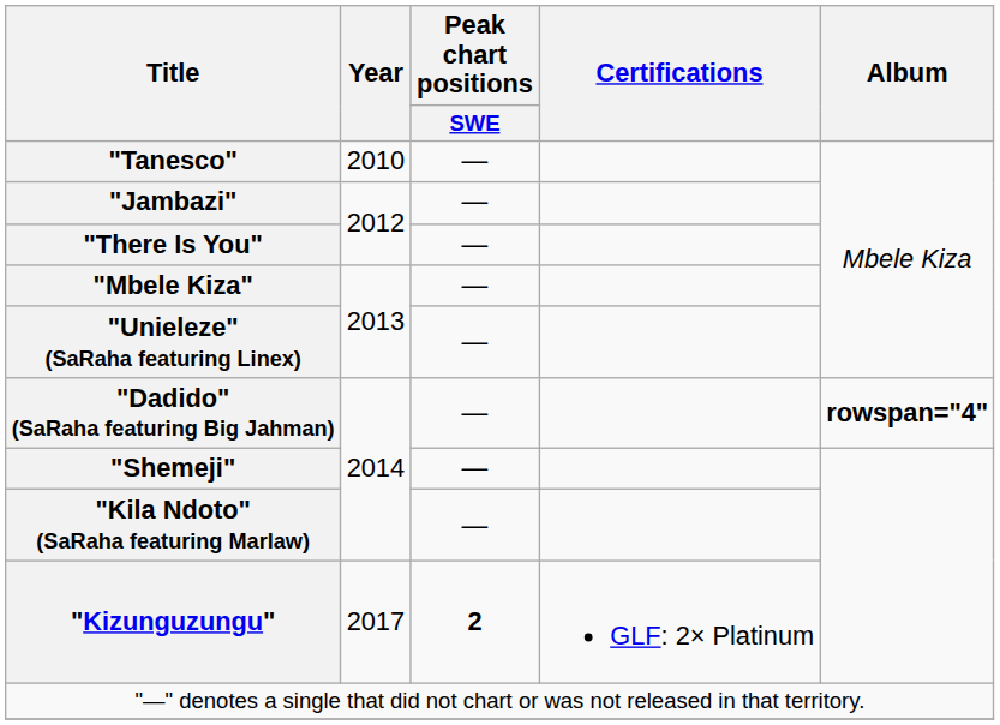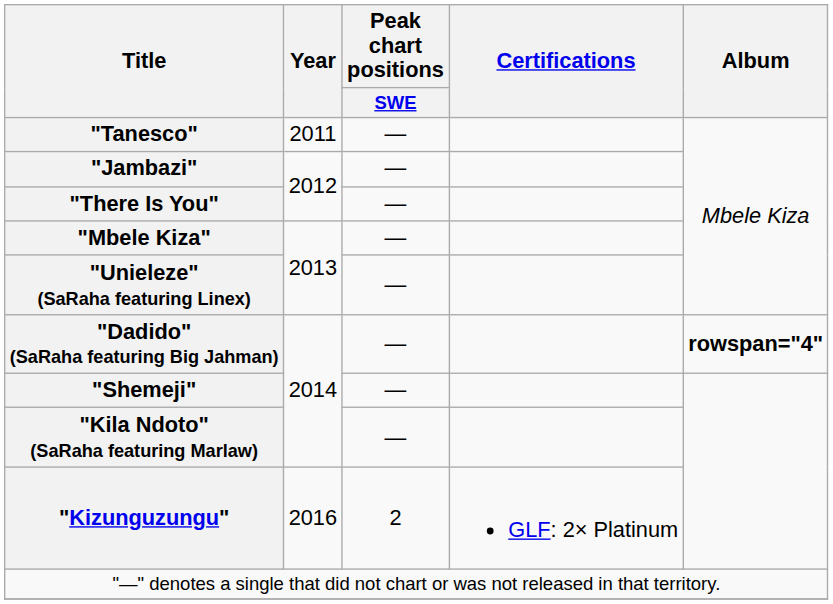 <table class="wikitable plainrowheaders" style="text-align:center;">
 <tr>
 <th scope="col" rowspan="2">Title</th>
 <th scope="col" rowspan="2">Year</th>
 <th scope="col" colspan="1">Peak chart positions</th>
 <th scope="col" rowspan="2"><a href='#'>Certifications</a></th>
 <th scope="col" rowspan="2">Album</th>
 </tr>
 <tr>
 <th scope="col" style="width:3em;font-size:85%;"><a href='#'>SWE</a><br></th>
 </tr>
 <tr>
 <th scope="row">"Tanesco"</th>
-<td>2010</td>
+<td>2011</td>
 <td>—</td>
 <td></td>
 <td rowspan="5"><em>Mbele Kiza</em></td>
 </tr>
 <tr>
 <th scope="row">"Jambazi"</th>
 <td rowspan="2">2012</td>
 <td>—</td>
 <td></td>
 </tr>
 <tr>
 <th scope="row">"There Is You"</th>
 <td>—</td>
 <td></td>
 </tr>
 <tr>
 <th scope="row">"Mbele Kiza"</th>
 <td rowspan="2">2013</td>
 <td>—</td>
 <td></td>
 </tr>
 <tr>
 <th scope="row">"Unieleze"<br><small>(SaRaha featuring Linex)</small></th>
 <td>—</td>
 <td></td>
 </tr>
 <tr>
 <th scope="row">"Dadido"<br><small>(SaRaha featuring Big Jahman)</small></th>
 <td rowspan="3">2014</td>
 <td>—</td>
 <td></td>
 <td><strong>rowspan="4" </strong></td>
 </tr>
 <tr>
 <th scope="row">"Shemeji"</th>
 <td>—</td>
 <td></td>
 </tr>
 <tr>
 <th scope="row">"Kila Ndoto"<br><small>(SaRaha featuring Marlaw)</small></th>
 <td>—</td>
 <td></td>
 </tr>
 <tr>
 <th scope="row">"<a href='#'>Kizunguzungu</a>"</th>
-<td>2017</td>
-<td><strong>2</strong></td>
+<td>2016</td>
+<td>2</td>
 <td><br><ul><li><a href='#'>GLF</a>: 2× Platinum</li></ul></td>
 </tr>
 <tr>
 <td colspan="10" style="font-size:85%">"—" denotes a single that did not chart or was not released in that territory.</td>
 </tr>
 <tr>
 </tr>
 </table>
